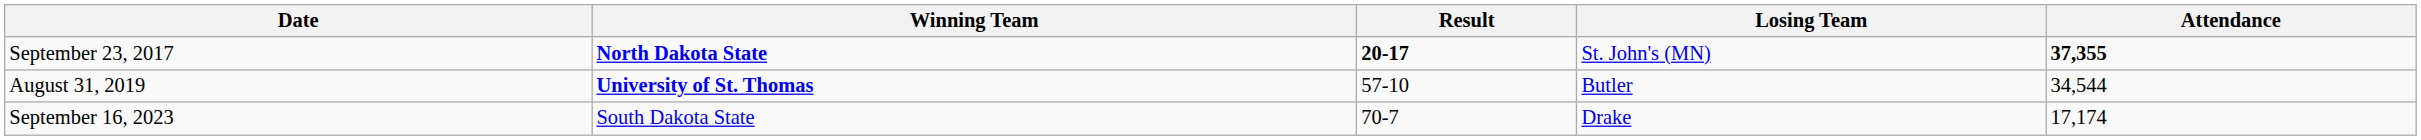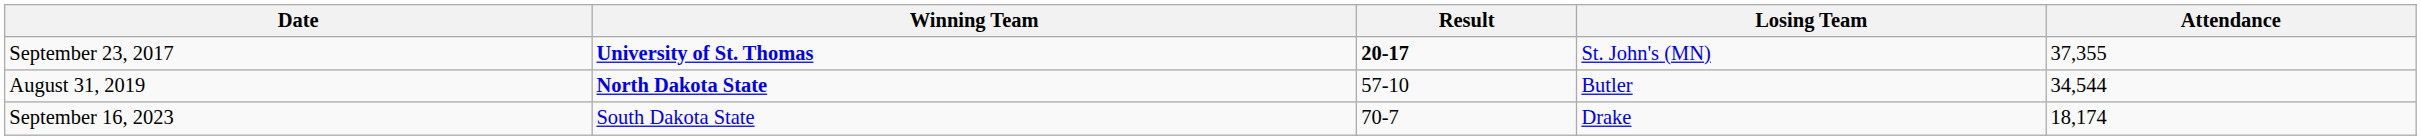 <table class="wikitable" style="text-align:left; width:95%;" style="text-align:center">
 <tr>
 <th style="text-align:center; ">Date</th>
 <th style="text-align:center; ">Winning Team</th>
 <th style="text-align:center; ">Result</th>
 <th style="text-align:center; ">Losing Team</th>
 <th style="text-align:center; ">Attendance</th>
 </tr>
 <tr>
 <td>September 23, 2017</td>
-<td><strong><a href='#'>North Dakota State</a></strong></td>
+<td><strong><a href='#'>University of St. Thomas</a></strong></td>
 <td><strong>20-17</strong></td>
 <td><a href='#'>St. John's (MN)</a></td>
-<td><strong>37,355</strong></td>
+<td>37,355</td>
 </tr>
 <tr>
 <td>August 31, 2019</td>
-<td><strong><a href='#'>University of St. Thomas</a></strong></td>
+<td><strong><a href='#'>North Dakota State</a></strong></td>
 <td>57-10</td>
 <td><a href='#'>Butler</a></td>
 <td>34,544</td>
 </tr>
 <tr>
 <td>September 16, 2023</td>
 <td><a href='#'>South Dakota State</a></td>
 <td>70-7</td>
 <td><a href='#'>Drake</a></td>
-<td>17,174</td>
+<td>18,174</td>
 </tr>
 </table>
